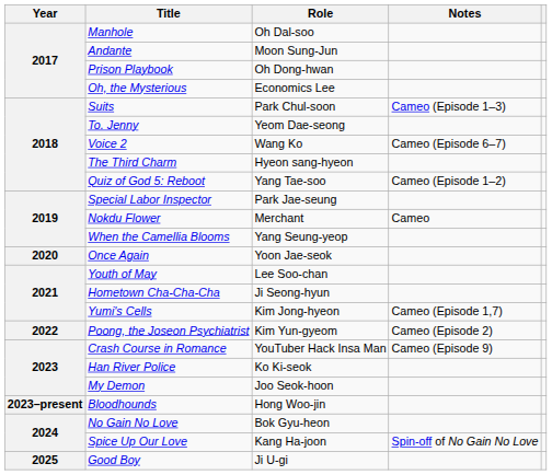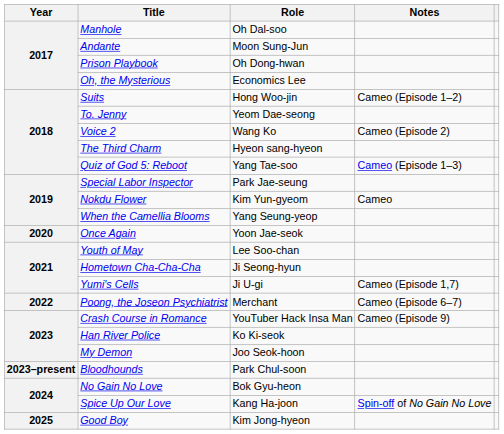 <table class="wikitable plainrowheaders sortable">
 <tr>
 <th scope="col">Year</th>
 <th scope="col">Title</th>
 <th scope="col">Role</th>
 <th scope="col">Notes</th>
 <th scope="col" class="unsortable"></th>
 </tr>
 <tr>
 <th scope="row" rowspan="4">2017</th>
 <td><em><a href='#'>Manhole</a></em></td>
 <td>Oh Dal-soo</td>
 <td></td>
 <td style="text-align:center"></td>
 </tr>
 <tr>
 <td><em><a href='#'>Andante</a></em></td>
 <td>Moon Sung-Jun</td>
 <td></td>
 <td style="text-align:center"></td>
 </tr>
 <tr>
 <td><em><a href='#'>Prison Playbook</a></em></td>
 <td>Oh Dong-hwan</td>
 <td></td>
 <td style="text-align:center"></td>
 </tr>
 <tr>
 <td><em><a href='#'>Oh, the Mysterious</a></em></td>
 <td>Economics Lee</td>
 <td></td>
 <td style="text-align:center"></td>
 </tr>
 <tr>
 <th scope="row" rowspan="5">2018</th>
 <td><em><a href='#'>Suits</a></em></td>
-<td>Park Chul-soon</td>
-<td><a href='#'>Cameo</a> (Episode 1–3)</td>
+<td>Hong Woo-jin</td>
+<td>Cameo (Episode 1–2)</td>
 <td style="text-align:center"></td>
 </tr>
 <tr>
 <td><em><a href='#'>To. Jenny</a></em></td>
 <td>Yeom Dae-seong</td>
 <td></td>
 <td style="text-align:center"></td>
 </tr>
 <tr>
 <td><em><a href='#'>Voice 2</a></em></td>
 <td>Wang Ko</td>
-<td>Cameo (Episode 6–7)</td>
+<td>Cameo (Episode 2)</td>
 <td style="text-align:center"></td>
 </tr>
 <tr>
 <td><em><a href='#'>The Third Charm</a></em></td>
 <td>Hyeon sang-hyeon</td>
 <td></td>
 <td style="text-align:center"></td>
 </tr>
 <tr>
 <td><em><a href='#'>Quiz of God 5: Reboot</a></em></td>
 <td>Yang Tae-soo</td>
-<td>Cameo (Episode 1–2)</td>
+<td><a href='#'>Cameo</a> (Episode 1–3)</td>
 <td style="text-align:center"></td>
 </tr>
 <tr>
 <th scope="row" rowspan="3">2019</th>
 <td><em><a href='#'>Special Labor Inspector</a></em></td>
 <td>Park Jae-seung</td>
 <td></td>
 <td style="text-align:center"></td>
 </tr>
 <tr>
 <td><em><a href='#'>Nokdu Flower</a></em></td>
-<td>Merchant</td>
+<td>Kim Yun-gyeom</td>
 <td>Cameo</td>
 <td style="text-align:center"></td>
 </tr>
 <tr>
 <td><em><a href='#'>When the Camellia Blooms</a></em></td>
 <td>Yang Seung-yeop</td>
 <td></td>
 <td style="text-align:center"></td>
 </tr>
 <tr>
 <th scope="row">2020</th>
 <td><em><a href='#'>Once Again</a></em></td>
 <td>Yoon Jae-seok</td>
 <td></td>
 <td style="text-align:center"></td>
 </tr>
 <tr>
 <th scope="row" rowspan="3">2021</th>
 <td><em><a href='#'>Youth of May</a></em></td>
 <td>Lee Soo-chan</td>
 <td></td>
 <td style="text-align:center"></td>
 </tr>
 <tr>
 <td><em><a href='#'>Hometown Cha-Cha-Cha</a></em></td>
 <td>Ji Seong-hyun</td>
 <td></td>
 <td style="text-align:center"></td>
 </tr>
 <tr>
 <td><em><a href='#'>Yumi's Cells</a></em></td>
-<td>Kim Jong-hyeon</td>
+<td>Ji U-gi</td>
 <td>Cameo (Episode 1,7)</td>
 <td style="text-align:center"></td>
 </tr>
 <tr>
 <th scope="row">2022</th>
 <td><em><a href='#'>Poong, the Joseon Psychiatrist</a></em></td>
-<td>Kim Yun-gyeom</td>
-<td>Cameo (Episode 2)</td>
+<td>Merchant</td>
+<td>Cameo (Episode 6–7)</td>
 <td style="text-align:center"></td>
 </tr>
 <tr>
 <th scope="row" rowspan="3">2023</th>
 <td><em><a href='#'>Crash Course in Romance</a></em></td>
 <td>YouTuber Hack Insa Man</td>
 <td>Cameo (Episode 9)</td>
 <td style="text-align:center"></td>
 </tr>
 <tr>
 <td><em><a href='#'>Han River Police</a></em></td>
 <td>Ko Ki-seok</td>
 <td></td>
 <td style="text-align:center"></td>
 </tr>
 <tr>
 <td><em><a href='#'>My Demon</a></em></td>
 <td>Joo Seok-hoon</td>
 <td></td>
 <td style="text-align:center"></td>
 </tr>
 <tr>
 <th scope="row">2023–present</th>
 <td><em><a href='#'>Bloodhounds</a></em></td>
-<td>Hong Woo-jin</td>
+<td>Park Chul-soon</td>
 <td></td>
 <td style="text-align:center"></td>
 </tr>
 <tr>
 <th rowspan="2" scope="row">2024</th>
 <td><em><a href='#'>No Gain No Love</a></em></td>
 <td>Bok Gyu-heon</td>
 <td></td>
 <td style="text-align:center"></td>
 </tr>
 <tr>
 <td><em><a href='#'>Spice Up Our Love</a></em></td>
 <td>Kang Ha-joon</td>
 <td><a href='#'>Spin-off</a> of <em>No Gain No Love</em></td>
 <td style="text-align:center"></td>
 </tr>
 <tr>
 <th scope="row">2025</th>
 <td><em><a href='#'>Good Boy</a></em></td>
-<td>Ji U-gi</td>
+<td>Kim Jong-hyeon</td>
 <td></td>
 <td style="text-align:center"></td>
 </tr>
 </table>
